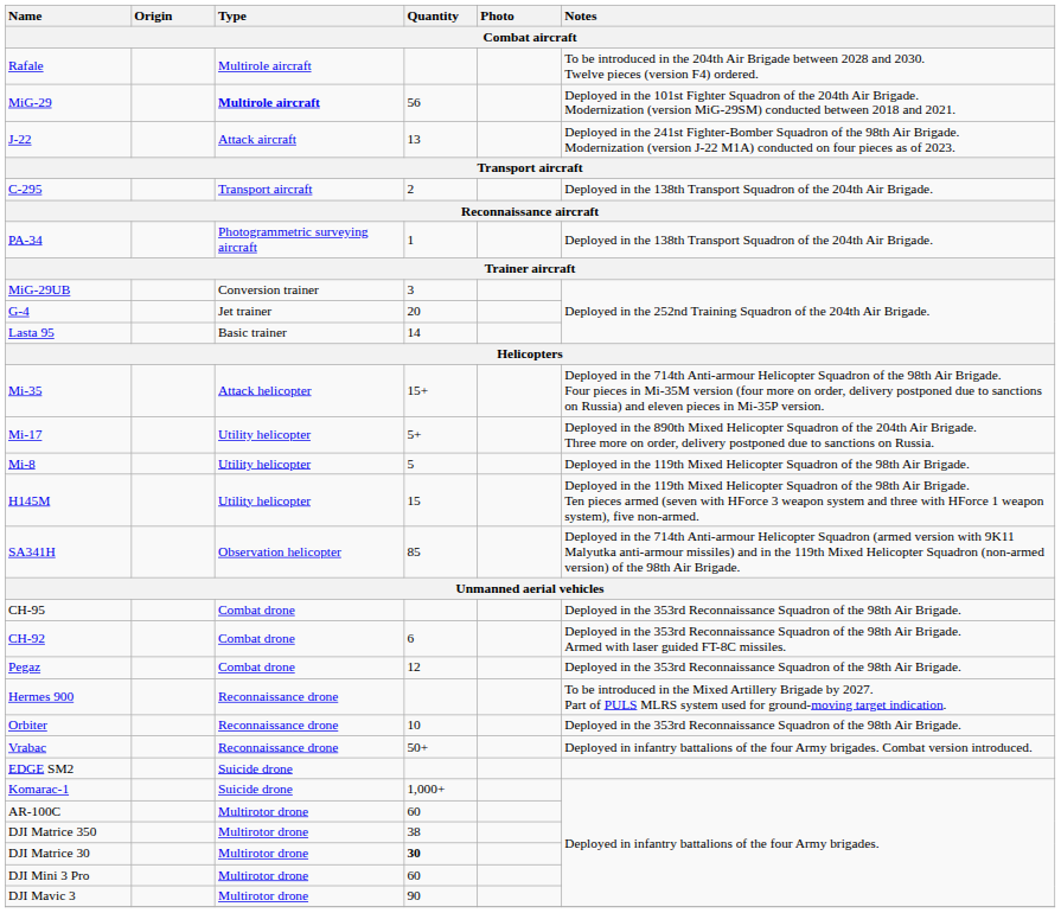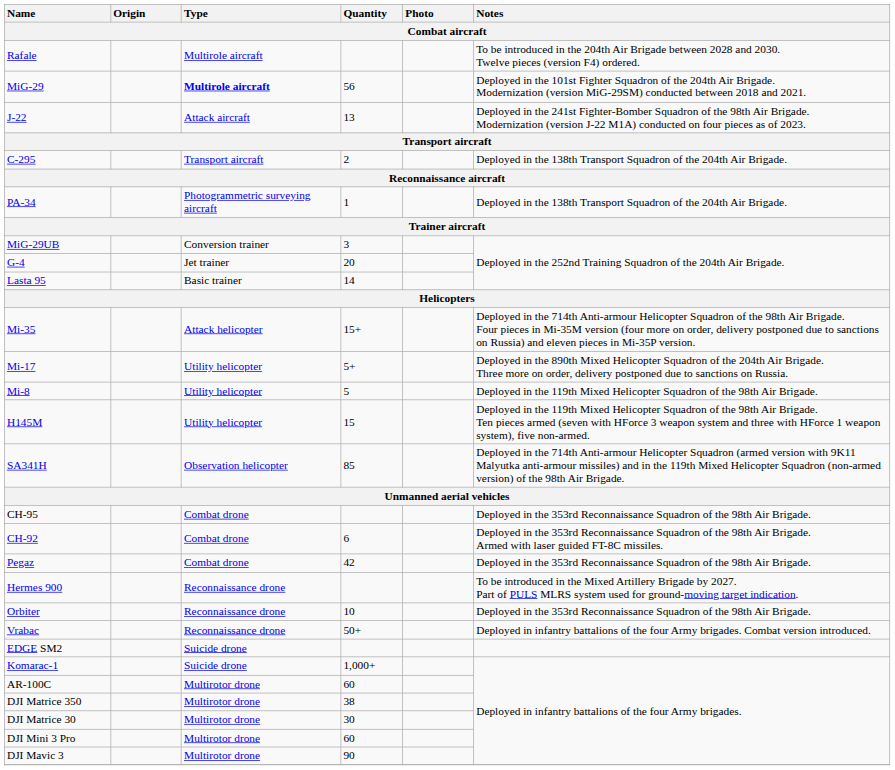 <table class="wikitable">
 <tr>
 <th style="text-align: left; width:12%;">Name</th>
 <th style="text-align: left; width:8%;">Origin</th>
 <th style="text-align: left; width:18%;">Type</th>
 <th style="text-align: left; width:7%;">Quantity</th>
 <th style="text-align: left;width:8%;">Photo</th>
 <th style="text-align: left;width:47%;">Notes</th>
 </tr>
 <tr>
 <th style="align: center;" colspan="7">Combat aircraft</th>
 </tr>
 <tr>
 <td><a href='#'>Rafale</a></td>
 <td></td>
 <td><a href='#'>Multirole aircraft</a></td>
 <td></td>
 <td></td>
 <td>To be introduced in the 204th Air Brigade between 2028 and 2030.<br>Twelve pieces (version F4) ordered.</td>
 </tr>
 <tr>
 <td><a href='#'>MiG-29</a></td>
 <td><br></td>
 <td><strong><a href='#'>Multirole aircraft</a></strong></td>
 <td>56</td>
 <td></td>
 <td>Deployed in the 101st Fighter Squadron of the 204th Air Brigade.<br>Modernization (version MiG-29SM) conducted between 2018 and 2021.</td>
 </tr>
 <tr>
 <td><a href='#'>J-22</a></td>
 <td> </td>
 <td><a href='#'>Attack aircraft</a></td>
 <td>13</td>
 <td></td>
 <td>Deployed in the 241st Fighter-Bomber Squadron of the 98th Air Brigade.<br>Modernization (version J-22 M1A) conducted on four pieces as of 2023.</td>
 </tr>
 <tr>
 <th style="align: center;" colspan="7">Transport aircraft</th>
 </tr>
 <tr>
 <td><a href='#'>C-295</a></td>
 <td></td>
 <td><a href='#'>Transport aircraft</a></td>
 <td>2</td>
 <td></td>
 <td>Deployed in the 138th Transport Squadron of the 204th Air Brigade.</td>
 </tr>
 <tr>
 <th style="align: center;" colspan="7">Reconnaissance aircraft</th>
 </tr>
 <tr>
 <td><a href='#'>PA-34</a></td>
 <td></td>
 <td><a href='#'>Photogrammetric surveying aircraft</a></td>
 <td>1</td>
 <td></td>
 <td>Deployed in the 138th Transport Squadron of the 204th Air Brigade.</td>
 </tr>
 <tr>
 <th style="align: center;" colspan="7">Trainer aircraft</th>
 </tr>
 <tr>
 <td><a href='#'>MiG-29UB</a></td>
 <td></td>
 <td>Conversion trainer</td>
 <td>3</td>
 <td></td>
 <td rowspan="3">Deployed in the 252nd Training Squadron of the 204th Air Brigade.</td>
 </tr>
 <tr>
 <td><a href='#'>G-4</a></td>
 <td></td>
 <td>Jet trainer</td>
 <td>20</td>
 <td></td>
 </tr>
 <tr>
 <td><a href='#'>Lasta 95</a></td>
 <td></td>
 <td>Basic trainer</td>
 <td>14</td>
 <td></td>
 </tr>
 <tr>
 <th style="align: center;" colspan="7">Helicopters</th>
 </tr>
 <tr>
 <td><a href='#'>Mi-35</a></td>
 <td></td>
 <td><a href='#'>Attack helicopter</a></td>
 <td>15+</td>
 <td></td>
 <td>Deployed in the 714th Anti-armour Helicopter Squadron of the 98th Air Brigade.<br>Four pieces in Mi-35M version (four more on order, delivery postponed due to sanctions on Russia) and eleven pieces in Mi-35P version.</td>
 </tr>
 <tr>
 <td><a href='#'>Mi-17</a></td>
 <td></td>
 <td><a href='#'>Utility helicopter</a></td>
 <td>5+</td>
 <td></td>
 <td>Deployed in the 890th Mixed Helicopter Squadron of the 204th Air Brigade.<br>Three more on order, delivery postponed due to sanctions on Russia.</td>
 </tr>
 <tr>
 <td><a href='#'>Mi-8</a></td>
 <td></td>
 <td><a href='#'>Utility helicopter</a></td>
 <td>5</td>
 <td></td>
 <td>Deployed in the 119th Mixed Helicopter Squadron of the 98th Air Brigade.</td>
 </tr>
 <tr>
 <td><a href='#'>H145M</a></td>
 <td></td>
 <td><a href='#'>Utility helicopter</a></td>
 <td>15</td>
 <td></td>
 <td>Deployed in the 119th Mixed Helicopter Squadron of the 98th Air Brigade.<br>Ten pieces armed (seven with HForce 3 weapon system and three with HForce 1 weapon system), five non-armed.</td>
 </tr>
 <tr>
 <td><a href='#'>SA341H</a></td>
 <td></td>
 <td><a href='#'>Observation helicopter</a></td>
 <td>85</td>
 <td></td>
 <td>Deployed in the 714th Anti-armour Helicopter Squadron (armed version with 9K11 Malyutka anti-armour missiles) and in the 119th Mixed Helicopter Squadron (non-armed version) of the 98th Air Brigade.</td>
 </tr>
 <tr>
 <th style="align: center;" colspan="7">Unmanned aerial vehicles</th>
 </tr>
 <tr>
 <td>CH-95</td>
 <td></td>
 <td><a href='#'>Combat drone</a></td>
 <td></td>
 <td></td>
 <td>Deployed in the 353rd Reconnaissance Squadron of the 98th Air Brigade.</td>
 </tr>
 <tr>
 <td><a href='#'>CH-92</a></td>
 <td></td>
 <td><a href='#'>Combat drone</a></td>
 <td>6</td>
 <td></td>
 <td>Deployed in the 353rd Reconnaissance Squadron of the 98th Air Brigade.<br>Armed with laser guided FT-8C missiles.</td>
 </tr>
 <tr>
 <td><a href='#'>Pegaz</a></td>
 <td></td>
 <td><a href='#'>Combat drone</a></td>
-<td>12</td>
+<td>42</td>
 <td></td>
 <td>Deployed in the 353rd Reconnaissance Squadron of the 98th Air Brigade.</td>
 </tr>
 <tr>
 <td><a href='#'>Hermes 900</a></td>
 <td></td>
 <td><a href='#'>Reconnaissance drone</a></td>
 <td></td>
 <td></td>
 <td>To be introduced in the Mixed Artillery Brigade by 2027.<br>Part of <a href='#'>PULS</a> MLRS system used for ground-<a href='#'>moving target indication</a>.</td>
 </tr>
 <tr>
 <td><a href='#'>Orbiter</a></td>
 <td></td>
 <td><a href='#'>Reconnaissance drone</a></td>
 <td>10</td>
 <td></td>
 <td>Deployed in the 353rd Reconnaissance Squadron of the 98th Air Brigade.</td>
 </tr>
 <tr>
 <td><a href='#'>Vrabac</a></td>
 <td></td>
 <td><a href='#'>Reconnaissance drone</a></td>
 <td>50+</td>
 <td></td>
 <td>Deployed in infantry battalions of the four Army brigades. Combat version introduced.</td>
 </tr>
 <tr>
 <td><a href='#'>EDGE</a> SM2</td>
 <td></td>
 <td><a href='#'>Suicide drone</a></td>
 <td></td>
 <td></td>
 <td></td>
 </tr>
 <tr>
 <td><a href='#'>Komarac-1</a></td>
 <td></td>
 <td><a href='#'>Suicide drone</a></td>
 <td>1,000+</td>
 <td></td>
 <td rowspan="6">Deployed in infantry battalions of the four Army brigades.</td>
 </tr>
 <tr>
 <td>AR-100C</td>
 <td></td>
 <td><a href='#'>Multirotor drone</a></td>
 <td>60</td>
 <td></td>
 </tr>
 <tr>
 <td>DJI Matrice 350</td>
 <td></td>
 <td><a href='#'>Multirotor drone</a></td>
 <td>38</td>
 <td></td>
 </tr>
 <tr>
 <td>DJI Matrice 30</td>
 <td></td>
 <td><a href='#'>Multirotor drone</a></td>
-<td><strong>30</strong></td>
+<td>30</td>
 <td></td>
 </tr>
 <tr>
 <td>DJI Mini 3 Pro</td>
 <td></td>
 <td><a href='#'>Multirotor drone</a></td>
 <td>60</td>
 <td></td>
 </tr>
 <tr>
 <td>DJI Mavic 3</td>
 <td></td>
 <td><a href='#'>Multirotor drone</a></td>
 <td>90</td>
 <td></td>
 </tr>
 <tr>
 </tr>
 </table>
